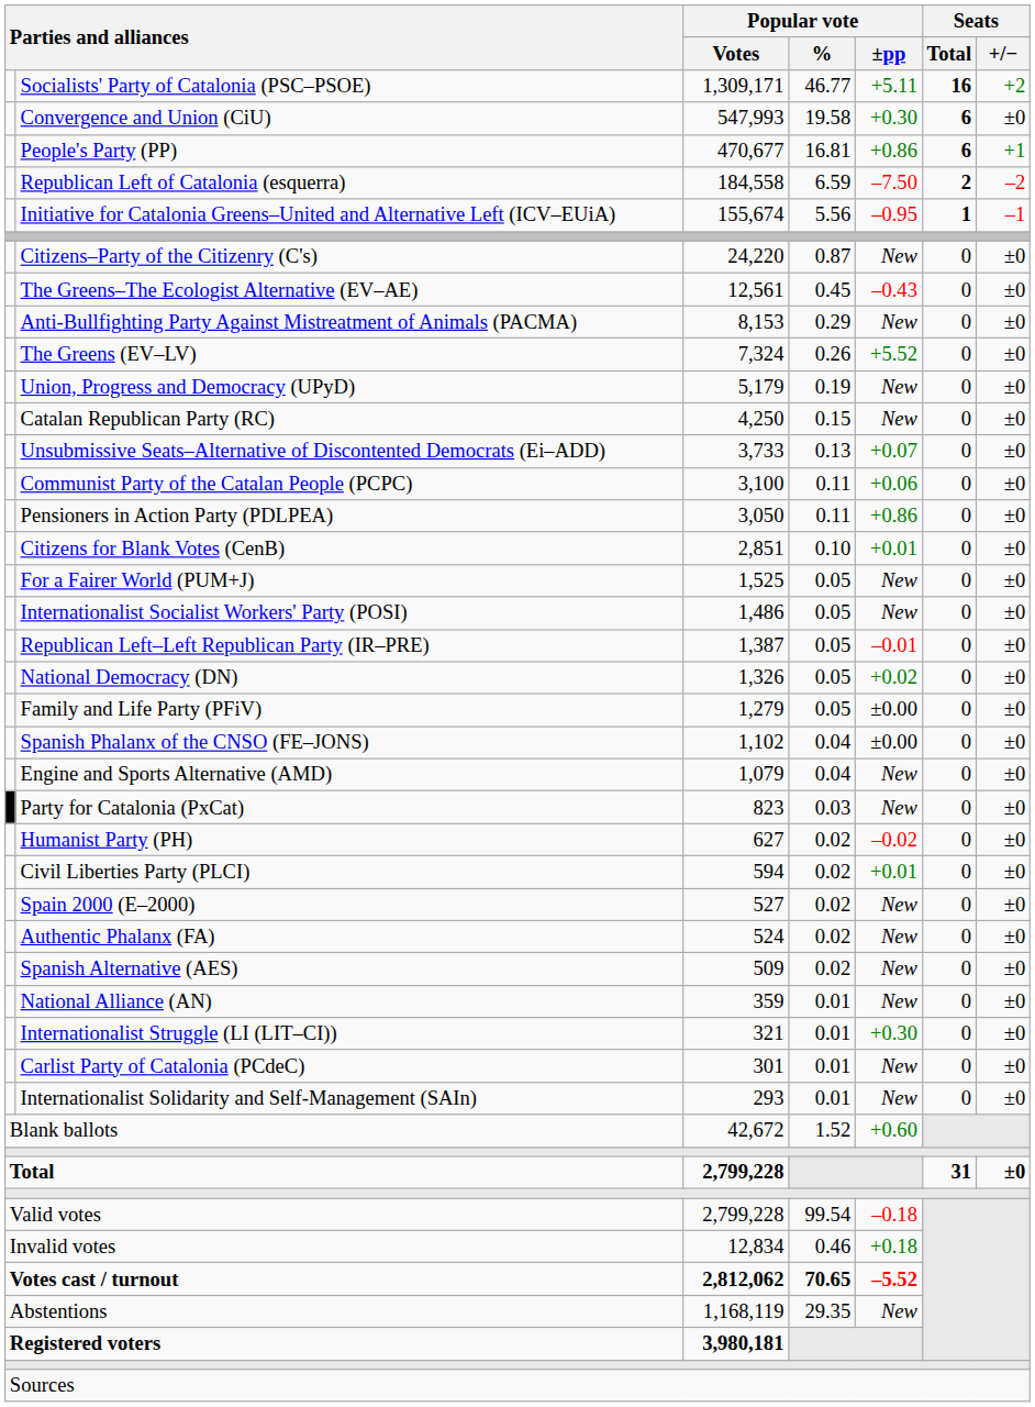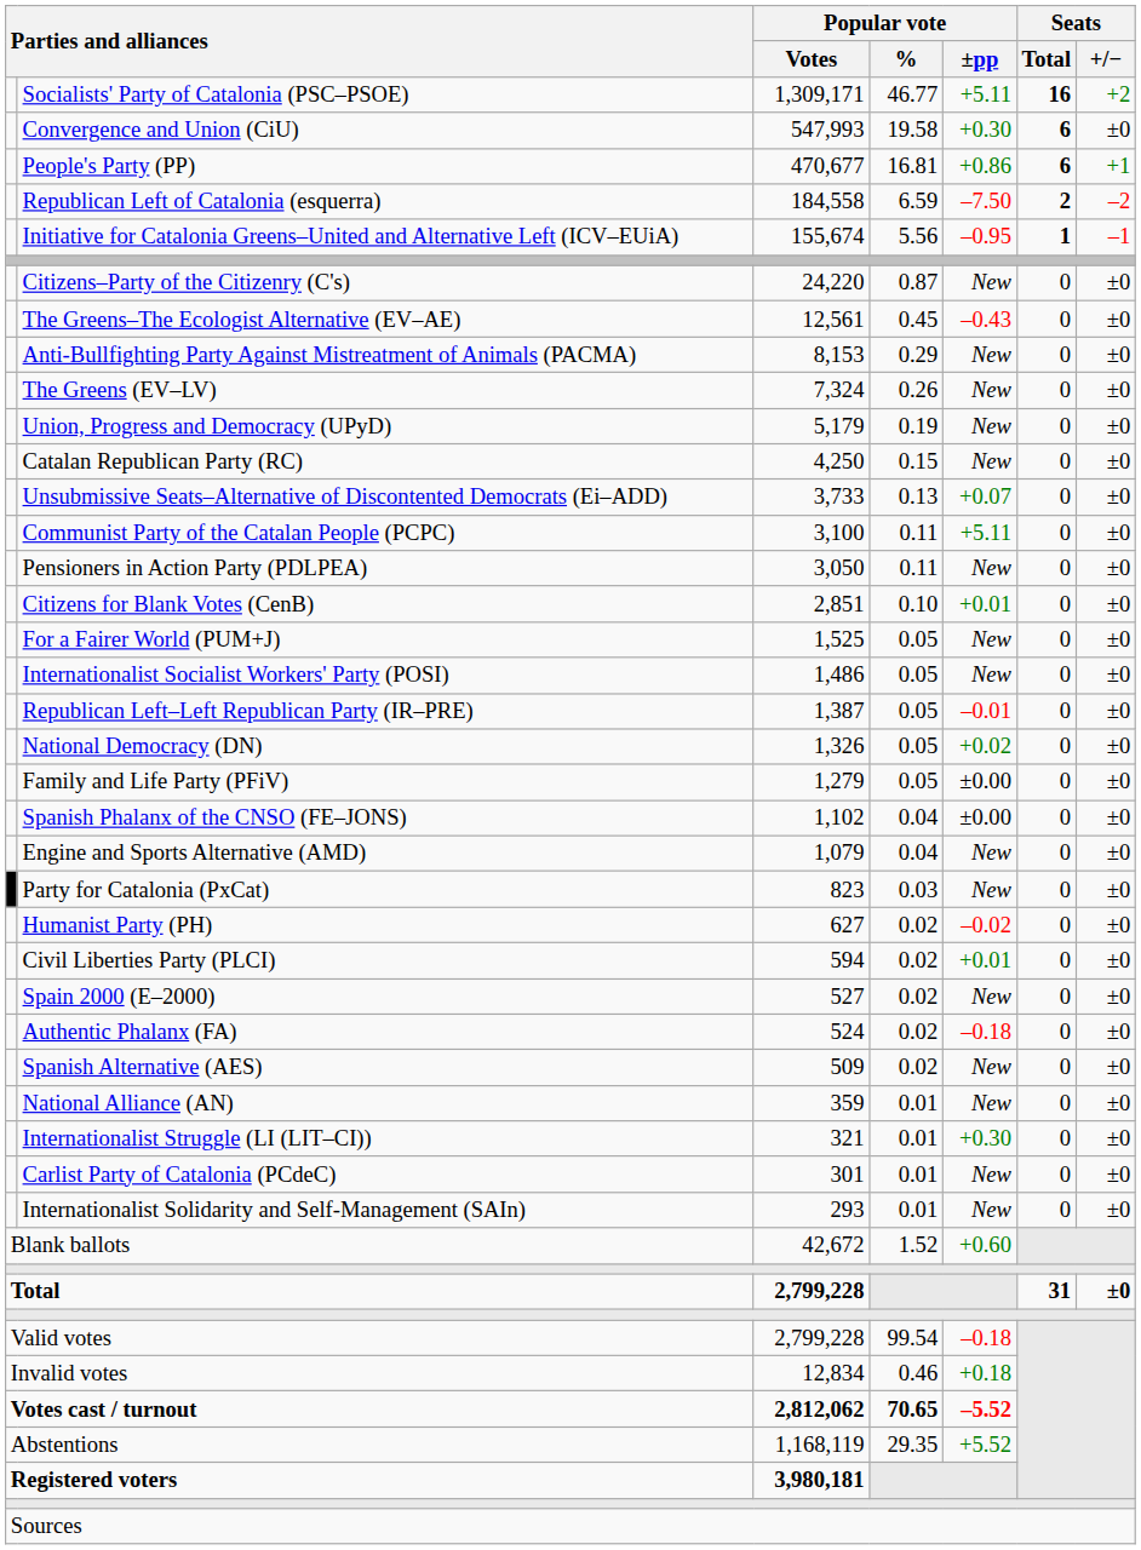 <table class="wikitable" style="text-align:right;">
 <tr>
 <th style="text-align:left;" rowspan="2" colspan="2" width="525">Parties and alliances</th>
 <th colspan="3">Popular vote</th>
 <th colspan="2">Seats</th>
 </tr>
 <tr>
 <th width="75">Votes</th>
 <th width="45">%</th>
 <th width="45">±<a href='#'>pp</a></th>
 <th width="35">Total</th>
 <th width="35">+/−</th>
 </tr>
 <tr>
 <td width="1" style="color:inherit;background:"></td>
 <td align="left"><a href='#'>Socialists' Party of Catalonia</a> (PSC–PSOE)</td>
 <td>1,309,171</td>
 <td>46.77</td>
 <td style="color:green;">+5.11</td>
 <td><strong>16</strong></td>
 <td style="color:green;">+2</td>
 </tr>
 <tr>
 <td style="color:inherit;background:"></td>
 <td align="left"><a href='#'>Convergence and Union</a> (CiU)</td>
 <td>547,993</td>
 <td>19.58</td>
 <td style="color:green;">+0.30</td>
 <td><strong>6</strong></td>
 <td>±0</td>
 </tr>
 <tr>
 <td style="color:inherit;background:"></td>
 <td align="left"><a href='#'>People's Party</a> (PP)</td>
 <td>470,677</td>
 <td>16.81</td>
 <td style="color:green;">+0.86</td>
 <td><strong>6</strong></td>
 <td style="color:green;">+1</td>
 </tr>
 <tr>
 <td style="color:inherit;background:"></td>
 <td align="left"><a href='#'>Republican Left of Catalonia</a> (esquerra)</td>
 <td>184,558</td>
 <td>6.59</td>
 <td style="color:red;">–7.50</td>
 <td><strong>2</strong></td>
 <td style="color:red;">–2</td>
 </tr>
 <tr>
 <td style="color:inherit;background:"></td>
 <td align="left"><a href='#'>Initiative for Catalonia Greens–United and Alternative Left</a> (ICV–EUiA)</td>
 <td>155,674</td>
 <td>5.56</td>
 <td style="color:red;">–0.95</td>
 <td><strong>1</strong></td>
 <td style="color:red;">–1</td>
 </tr>
 <tr>
 <td colspan="7" bgcolor="#C0C0C0"></td>
 </tr>
 <tr>
 <td style="color:inherit;background:"></td>
 <td align="left"><a href='#'>Citizens–Party of the Citizenry</a> (C's)</td>
 <td>24,220</td>
 <td>0.87</td>
 <td><em>New</em></td>
 <td>0</td>
 <td>±0</td>
 </tr>
 <tr>
 <td style="color:inherit;background:"></td>
 <td align="left"><a href='#'>The Greens–The Ecologist Alternative</a> (EV–AE)</td>
 <td>12,561</td>
 <td>0.45</td>
 <td style="color:red;">–0.43</td>
 <td>0</td>
 <td>±0</td>
 </tr>
 <tr>
 <td style="color:inherit;background:"></td>
 <td align="left"><a href='#'>Anti-Bullfighting Party Against Mistreatment of Animals</a> (PACMA)</td>
 <td>8,153</td>
 <td>0.29</td>
 <td><em>New</em></td>
 <td>0</td>
 <td>±0</td>
 </tr>
 <tr>
 <td style="color:inherit;background:"></td>
 <td align="left"><a href='#'>The Greens</a> (EV–LV)</td>
 <td>7,324</td>
 <td>0.26</td>
-<td style="color:green;">+5.52</td>
+<td><em>New</em></td>
 <td>0</td>
 <td>±0</td>
 </tr>
 <tr>
 <td style="color:inherit;background:"></td>
 <td align="left"><a href='#'>Union, Progress and Democracy</a> (UPyD)</td>
 <td>5,179</td>
 <td>0.19</td>
 <td><em>New</em></td>
 <td>0</td>
 <td>±0</td>
 </tr>
 <tr>
 <td style="color:inherit;background:"></td>
 <td align="left">Catalan Republican Party (RC)</td>
 <td>4,250</td>
 <td>0.15</td>
 <td><em>New</em></td>
 <td>0</td>
 <td>±0</td>
 </tr>
 <tr>
 <td style="color:inherit;background:"></td>
 <td align="left"><a href='#'>Unsubmissive Seats–Alternative of Discontented Democrats</a> (Ei–ADD)</td>
 <td>3,733</td>
 <td>0.13</td>
 <td style="color:green;">+0.07</td>
 <td>0</td>
 <td>±0</td>
 </tr>
 <tr>
 <td style="color:inherit;background:"></td>
 <td align="left"><a href='#'>Communist Party of the Catalan People</a> (PCPC)</td>
 <td>3,100</td>
 <td>0.11</td>
-<td style="color:green;">+0.06</td>
+<td style="color:green;">+5.11</td>
 <td>0</td>
 <td>±0</td>
 </tr>
 <tr>
 <td style="color:inherit;background:"></td>
 <td align="left">Pensioners in Action Party (PDLPEA)</td>
 <td>3,050</td>
 <td>0.11</td>
-<td style="color:green;">+0.86</td>
+<td><em>New</em></td>
 <td>0</td>
 <td>±0</td>
 </tr>
 <tr>
 <td style="color:inherit;background:"></td>
 <td align="left"><a href='#'>Citizens for Blank Votes</a> (CenB)</td>
 <td>2,851</td>
 <td>0.10</td>
 <td style="color:green;">+0.01</td>
 <td>0</td>
 <td>±0</td>
 </tr>
 <tr>
 <td style="color:inherit;background:"></td>
 <td align="left"><a href='#'>For a Fairer World</a> (PUM+J)</td>
 <td>1,525</td>
 <td>0.05</td>
 <td><em>New</em></td>
 <td>0</td>
 <td>±0</td>
 </tr>
 <tr>
 <td style="color:inherit;background:"></td>
 <td align="left"><a href='#'>Internationalist Socialist Workers' Party</a> (POSI)</td>
 <td>1,486</td>
 <td>0.05</td>
 <td><em>New</em></td>
 <td>0</td>
 <td>±0</td>
 </tr>
 <tr>
 <td style="color:inherit;background:"></td>
 <td align="left"><a href='#'>Republican Left–Left Republican Party</a> (IR–PRE)</td>
 <td>1,387</td>
 <td>0.05</td>
 <td style="color:red;">–0.01</td>
 <td>0</td>
 <td>±0</td>
 </tr>
 <tr>
 <td style="color:inherit;background:"></td>
 <td align="left"><a href='#'>National Democracy</a> (DN)</td>
 <td>1,326</td>
 <td>0.05</td>
 <td style="color:green;">+0.02</td>
 <td>0</td>
 <td>±0</td>
 </tr>
 <tr>
 <td style="color:inherit;background:"></td>
 <td align="left">Family and Life Party (PFiV)</td>
 <td>1,279</td>
 <td>0.05</td>
 <td>±0.00</td>
 <td>0</td>
 <td>±0</td>
 </tr>
 <tr>
 <td style="color:inherit;background:"></td>
 <td align="left"><a href='#'>Spanish Phalanx of the CNSO</a> (FE–JONS)</td>
 <td>1,102</td>
 <td>0.04</td>
 <td>±0.00</td>
 <td>0</td>
 <td>±0</td>
 </tr>
 <tr>
 <td style="color:inherit;background:"></td>
 <td align="left">Engine and Sports Alternative (AMD)</td>
 <td>1,079</td>
 <td>0.04</td>
 <td><em>New</em></td>
 <td>0</td>
 <td>±0</td>
 </tr>
 <tr>
 <td bgcolor="black"></td>
 <td align="left">Party for Catalonia (PxCat)</td>
 <td>823</td>
 <td>0.03</td>
 <td><em>New</em></td>
 <td>0</td>
 <td>±0</td>
 </tr>
 <tr>
 <td style="color:inherit;background:"></td>
 <td align="left"><a href='#'>Humanist Party</a> (PH)</td>
 <td>627</td>
 <td>0.02</td>
 <td style="color:red;">–0.02</td>
 <td>0</td>
 <td>±0</td>
 </tr>
 <tr>
 <td style="color:inherit;background:"></td>
 <td align="left">Civil Liberties Party (PLCI)</td>
 <td>594</td>
 <td>0.02</td>
 <td style="color:green;">+0.01</td>
 <td>0</td>
 <td>±0</td>
 </tr>
 <tr>
 <td style="color:inherit;background:"></td>
 <td align="left"><a href='#'>Spain 2000</a> (E–2000)</td>
 <td>527</td>
 <td>0.02</td>
 <td><em>New</em></td>
 <td>0</td>
 <td>±0</td>
 </tr>
 <tr>
 <td style="color:inherit;background:"></td>
 <td align="left"><a href='#'>Authentic Phalanx</a> (FA)</td>
 <td>524</td>
 <td>0.02</td>
-<td><em>New</em></td>
+<td style="color:red;">–0.18</td>
 <td>0</td>
 <td>±0</td>
 </tr>
 <tr>
 <td style="color:inherit;background:"></td>
 <td align="left"><a href='#'>Spanish Alternative</a> (AES)</td>
 <td>509</td>
 <td>0.02</td>
 <td><em>New</em></td>
 <td>0</td>
 <td>±0</td>
 </tr>
 <tr>
 <td style="color:inherit;background:"></td>
 <td align="left"><a href='#'>National Alliance</a> (AN)</td>
 <td>359</td>
 <td>0.01</td>
 <td><em>New</em></td>
 <td>0</td>
 <td>±0</td>
 </tr>
 <tr>
 <td style="color:inherit;background:"></td>
 <td align="left"><a href='#'>Internationalist Struggle</a> (LI (LIT–CI))</td>
 <td>321</td>
 <td>0.01</td>
 <td style="color:green;">+0.30</td>
 <td>0</td>
 <td>±0</td>
 </tr>
 <tr>
 <td style="color:inherit;background:"></td>
 <td align="left"><a href='#'>Carlist Party of Catalonia</a> (PCdeC)</td>
 <td>301</td>
 <td>0.01</td>
 <td><em>New</em></td>
 <td>0</td>
 <td>±0</td>
 </tr>
 <tr>
 <td style="color:inherit;background:"></td>
 <td align="left">Internationalist Solidarity and Self-Management (SAIn)</td>
 <td>293</td>
 <td>0.01</td>
 <td><em>New</em></td>
 <td>0</td>
 <td>±0</td>
 </tr>
 <tr>
 <td align="left" colspan="2">Blank ballots</td>
 <td>42,672</td>
 <td>1.52</td>
 <td style="color:green;">+0.60</td>
 <td bgcolor="#E9E9E9" colspan="2"></td>
 </tr>
 <tr>
 <td colspan="7" bgcolor="#E9E9E9"></td>
 </tr>
 <tr style="font-weight:bold;">
 <td align="left" colspan="2">Total</td>
 <td>2,799,228</td>
 <td bgcolor="#E9E9E9" colspan="2"></td>
 <td>31</td>
 <td>±0</td>
 </tr>
 <tr>
 <td colspan="7" bgcolor="#E9E9E9"></td>
 </tr>
 <tr>
 <td align="left" colspan="2">Valid votes</td>
 <td>2,799,228</td>
 <td>99.54</td>
 <td style="color:red;">–0.18</td>
 <td bgcolor="#E9E9E9" colspan="2" rowspan="5"></td>
 </tr>
 <tr>
 <td align="left" colspan="2">Invalid votes</td>
 <td>12,834</td>
 <td>0.46</td>
 <td style="color:green;">+0.18</td>
 </tr>
 <tr style="font-weight:bold;">
 <td align="left" colspan="2">Votes cast / turnout</td>
 <td>2,812,062</td>
 <td>70.65</td>
 <td style="color:red;">–5.52</td>
 </tr>
 <tr>
 <td align="left" colspan="2">Abstentions</td>
 <td>1,168,119</td>
 <td>29.35</td>
-<td><em>New</em></td>
+<td style="color:green;">+5.52</td>
 </tr>
 <tr style="font-weight:bold;">
 <td align="left" colspan="2">Registered voters</td>
 <td>3,980,181</td>
 <td bgcolor="#E9E9E9" colspan="2"></td>
 </tr>
 <tr>
 <td colspan="7" bgcolor="#E9E9E9"></td>
 </tr>
 <tr>
 <td align="left" colspan="7">Sources</td>
 </tr>
 </table>
